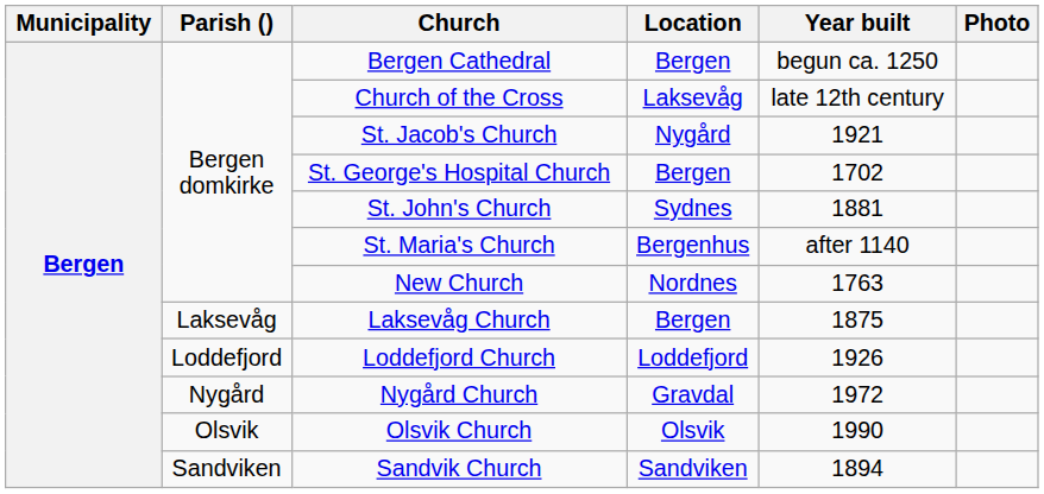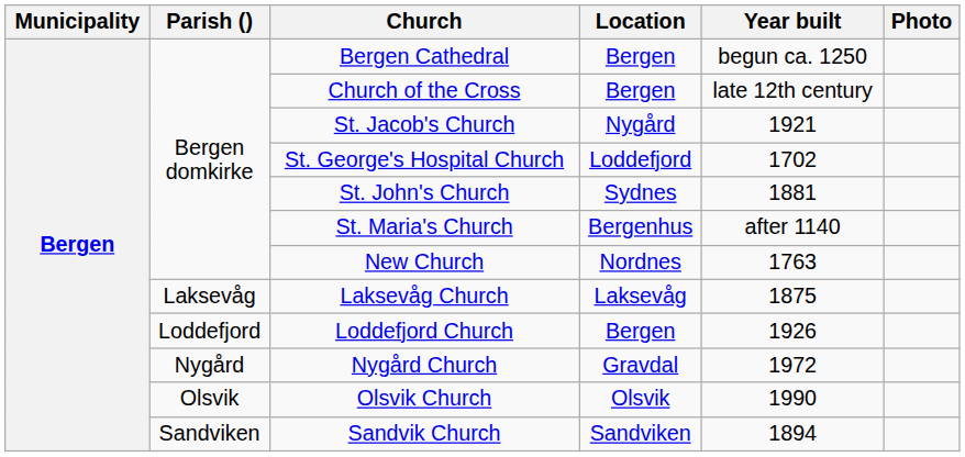 <table class="wikitable" style="text-align: center; width: 80%;">
 <tr>
 <th>Municipality</th>
 <th>Parish ()</th>
 <th>Church</th>
 <th>Location</th>
 <th>Year built</th>
 <th>Photo</th>
 </tr>
 <tr>
 <th rowspan="17"><a href='#'>Bergen</a></th>
 <td rowspan="7">Bergen<br>domkirke</td>
 <td><a href='#'>Bergen Cathedral</a></td>
 <td><a href='#'>Bergen</a></td>
 <td>begun ca. 1250</td>
 <td></td>
 </tr>
 <tr>
 <td><a href='#'>Church of the Cross</a></td>
-<td><a href='#'>Laksevåg</a></td>
+<td><a href='#'>Bergen</a></td>
 <td>late 12th century</td>
 <td></td>
 </tr>
 <tr>
 <td><a href='#'>St. Jacob's Church</a></td>
 <td><a href='#'>Nygård</a></td>
 <td>1921</td>
 <td></td>
 </tr>
 <tr>
 <td><a href='#'>St. George's Hospital Church</a></td>
-<td><a href='#'>Bergen</a></td>
+<td><a href='#'>Loddefjord</a></td>
 <td>1702</td>
 <td></td>
 </tr>
 <tr>
 <td><a href='#'>St. John's Church</a></td>
 <td><a href='#'>Sydnes</a></td>
 <td>1881</td>
 <td></td>
 </tr>
 <tr>
 <td><a href='#'>St. Maria's Church</a></td>
 <td><a href='#'>Bergenhus</a></td>
 <td>after 1140</td>
 <td></td>
 </tr>
 <tr>
 <td><a href='#'>New Church</a></td>
 <td><a href='#'>Nordnes</a></td>
 <td>1763</td>
 <td></td>
 </tr>
 <tr>
 <td rowspan="1">Laksevåg</td>
 <td><a href='#'>Laksevåg Church</a></td>
-<td><a href='#'>Bergen</a></td>
+<td><a href='#'>Laksevåg</a></td>
 <td>1875</td>
 <td></td>
 </tr>
 <tr>
 <td rowspan="1">Loddefjord</td>
 <td><a href='#'>Loddefjord Church</a></td>
-<td><a href='#'>Loddefjord</a></td>
+<td><a href='#'>Bergen</a></td>
 <td>1926</td>
 <td></td>
 </tr>
 <tr>
 <td rowspan="1">Nygård</td>
 <td><a href='#'>Nygård Church</a></td>
 <td><a href='#'>Gravdal</a></td>
 <td>1972</td>
 <td></td>
 </tr>
 <tr>
 <td rowspan="1">Olsvik</td>
 <td><a href='#'>Olsvik Church</a></td>
 <td><a href='#'>Olsvik</a></td>
 <td>1990</td>
 <td></td>
 </tr>
 <tr>
 <td rowspan="1">Sandviken</td>
 <td><a href='#'>Sandvik Church</a></td>
 <td><a href='#'>Sandviken</a></td>
 <td>1894</td>
 <td></td>
 </tr>
 </table>
